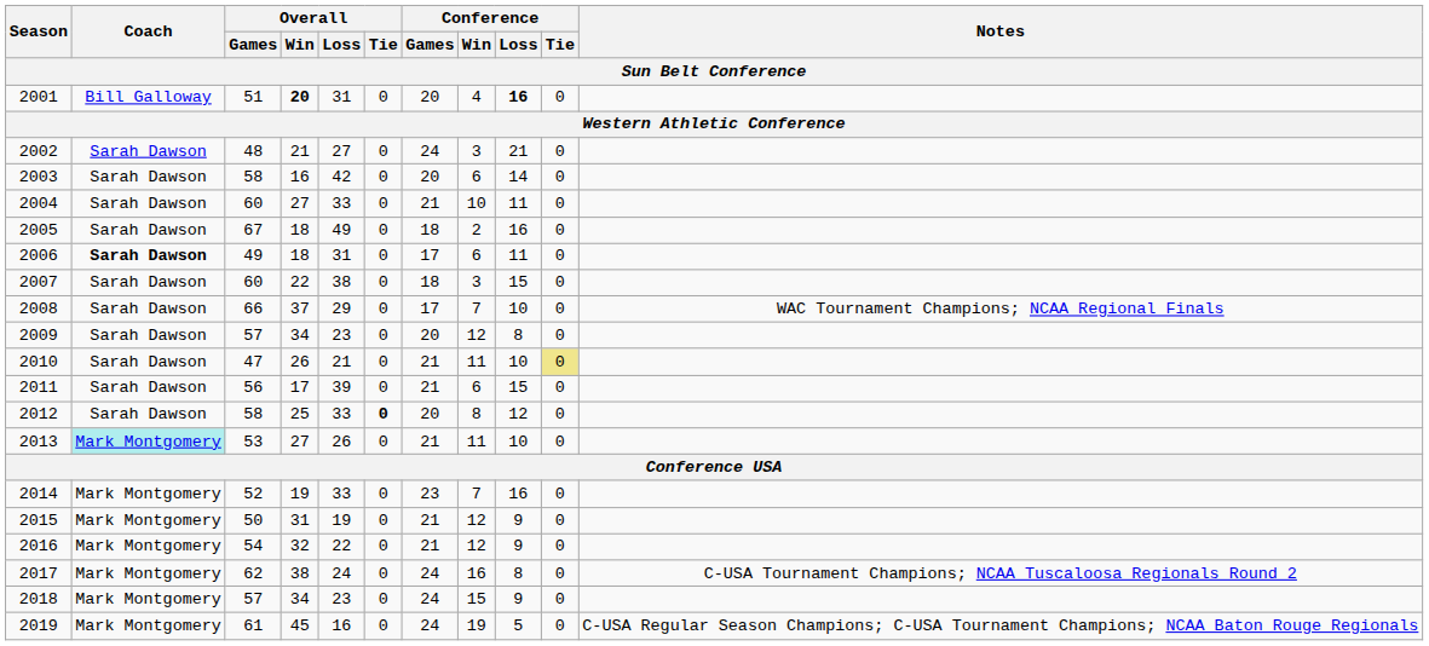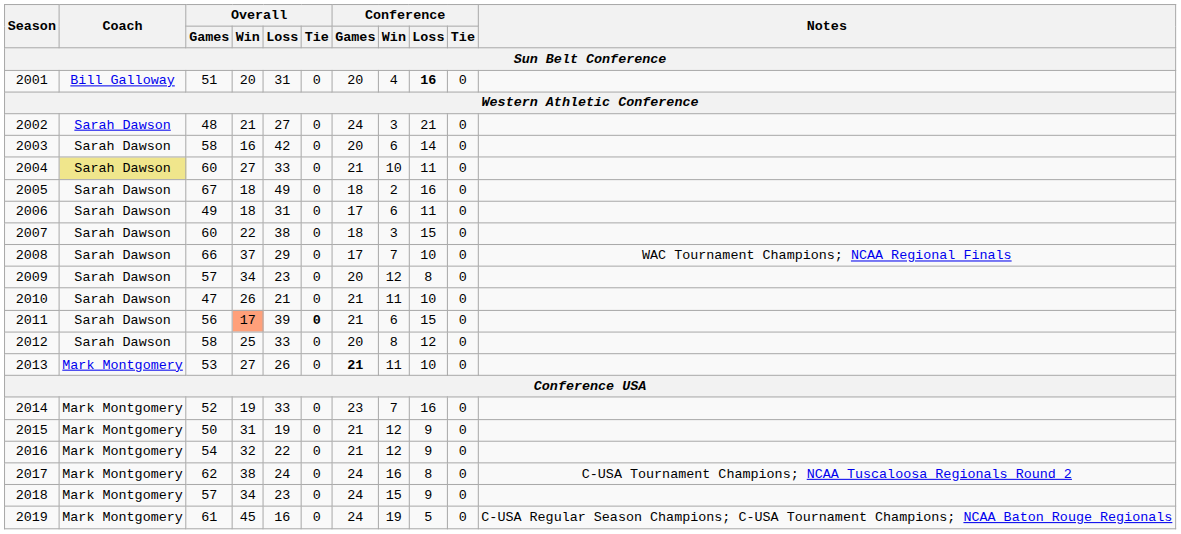 <table class="wikitable" style="text-align: center;">
 <tr>
 <th rowspan=2>Season</th>
 <th rowspan=2>Coach</th>
 <th colspan="4">Overall</th>
 <th colspan="4">Conference</th>
 <th rowspan=2>Notes</th>
 </tr>
 <tr>
 <th>Games</th>
 <th>Win</th>
 <th>Loss</th>
 <th>Tie</th>
 <th>Games</th>
 <th>Win</th>
 <th>Loss</th>
 <th>Tie</th>
 </tr>
 <tr>
 <th colspan="11"><em>Sun Belt Conference</em></th>
 </tr>
 <tr>
 <td>2001</td>
 <td><a href='#'>Bill Galloway</a></td>
 <td>51</td>
-<td><strong>20</strong></td>
+<td>20</td>
 <td>31</td>
 <td>0</td>
 <td>20</td>
 <td>4</td>
 <td><strong>16</strong></td>
 <td>0</td>
 <td></td>
 </tr>
 <tr>
 <th colspan="11"><em>Western Athletic Conference</em></th>
 </tr>
 <tr>
 <td>2002</td>
 <td><a href='#'>Sarah Dawson</a></td>
 <td>48</td>
 <td>21</td>
 <td>27</td>
 <td>0</td>
 <td>24</td>
 <td>3</td>
 <td>21</td>
 <td>0</td>
 <td></td>
 </tr>
 <tr>
 <td>2003</td>
 <td>Sarah Dawson</td>
 <td>58</td>
 <td>16</td>
 <td>42</td>
 <td>0</td>
 <td>20</td>
 <td>6</td>
 <td>14</td>
 <td>0</td>
 <td></td>
 </tr>
 <tr>
 <td>2004</td>
-<td>Sarah Dawson</td>
+<td style="background: khaki;">Sarah Dawson</td>
 <td>60</td>
 <td>27</td>
 <td>33</td>
 <td>0</td>
 <td>21</td>
 <td>10</td>
 <td>11</td>
 <td>0</td>
 <td></td>
 </tr>
 <tr>
 <td>2005</td>
 <td>Sarah Dawson</td>
 <td>67</td>
 <td>18</td>
 <td>49</td>
 <td>0</td>
 <td>18</td>
 <td>2</td>
 <td>16</td>
 <td>0</td>
 <td></td>
 </tr>
 <tr>
 <td>2006</td>
-<td><strong>Sarah Dawson</strong></td>
+<td>Sarah Dawson</td>
 <td>49</td>
 <td>18</td>
 <td>31</td>
 <td>0</td>
 <td>17</td>
 <td>6</td>
 <td>11</td>
 <td>0</td>
 <td></td>
 </tr>
 <tr>
 <td>2007</td>
 <td>Sarah Dawson</td>
 <td>60</td>
 <td>22</td>
 <td>38</td>
 <td>0</td>
 <td>18</td>
 <td>3</td>
 <td>15</td>
 <td>0</td>
 <td></td>
 </tr>
 <tr>
 <td>2008</td>
 <td>Sarah Dawson</td>
 <td>66</td>
 <td>37</td>
 <td>29</td>
 <td>0</td>
 <td>17</td>
 <td>7</td>
 <td>10</td>
 <td>0</td>
 <td>WAC Tournament Champions; <a href='#'>NCAA Regional Finals</a></td>
 </tr>
 <tr>
 <td>2009</td>
 <td>Sarah Dawson</td>
 <td>57</td>
 <td>34</td>
 <td>23</td>
 <td>0</td>
 <td>20</td>
 <td>12</td>
 <td>8</td>
 <td>0</td>
 <td></td>
 </tr>
 <tr>
 <td>2010</td>
 <td>Sarah Dawson</td>
 <td>47</td>
 <td>26</td>
 <td>21</td>
 <td>0</td>
 <td>21</td>
 <td>11</td>
 <td>10</td>
-<td style="background: khaki;">0</td>
+<td>0</td>
 <td></td>
 </tr>
 <tr>
 <td>2011</td>
 <td>Sarah Dawson</td>
 <td>56</td>
-<td>17</td>
+<td style="background: lightsalmon;">17</td>
 <td>39</td>
-<td>0</td>
+<td><strong>0</strong></td>
 <td>21</td>
 <td>6</td>
 <td>15</td>
 <td>0</td>
 <td></td>
 </tr>
 <tr>
 <td>2012</td>
 <td>Sarah Dawson</td>
 <td>58</td>
 <td>25</td>
 <td>33</td>
-<td><strong>0</strong></td>
+<td>0</td>
 <td>20</td>
 <td>8</td>
 <td>12</td>
 <td>0</td>
 <td></td>
 </tr>
 <tr>
 <td>2013</td>
-<td style="background: paleturquoise;"><a href='#'>Mark Montgomery</a></td>
+<td><a href='#'>Mark Montgomery</a></td>
 <td>53</td>
 <td>27</td>
 <td>26</td>
 <td>0</td>
-<td>21</td>
+<td><strong>21</strong></td>
 <td>11</td>
 <td>10</td>
 <td>0</td>
 <td></td>
 </tr>
 <tr>
 <th colspan="11"><em>Conference USA</em></th>
 </tr>
 <tr>
 <td>2014</td>
 <td>Mark Montgomery</td>
 <td>52</td>
 <td>19</td>
 <td>33</td>
 <td>0</td>
 <td>23</td>
 <td>7</td>
 <td>16</td>
 <td>0</td>
 <td></td>
 </tr>
 <tr>
 <td>2015</td>
 <td>Mark Montgomery</td>
 <td>50</td>
 <td>31</td>
 <td>19</td>
 <td>0</td>
 <td>21</td>
 <td>12</td>
 <td>9</td>
 <td>0</td>
 <td></td>
 </tr>
 <tr>
 <td>2016</td>
 <td>Mark Montgomery</td>
 <td>54</td>
 <td>32</td>
 <td>22</td>
 <td>0</td>
 <td>21</td>
 <td>12</td>
 <td>9</td>
 <td>0</td>
 <td></td>
 </tr>
 <tr>
 <td>2017</td>
 <td>Mark Montgomery</td>
 <td>62</td>
 <td>38</td>
 <td>24</td>
 <td>0</td>
 <td>24</td>
 <td>16</td>
 <td>8</td>
 <td>0</td>
 <td>C-USA Tournament Champions; <a href='#'>NCAA Tuscaloosa Regionals Round 2</a></td>
 </tr>
 <tr>
 <td>2018</td>
 <td>Mark Montgomery</td>
 <td>57</td>
 <td>34</td>
 <td>23</td>
 <td>0</td>
 <td>24</td>
 <td>15</td>
 <td>9</td>
 <td>0</td>
 <td></td>
 </tr>
 <tr>
 <td>2019</td>
 <td>Mark Montgomery</td>
 <td>61</td>
 <td>45</td>
 <td>16</td>
 <td>0</td>
 <td>24</td>
 <td>19</td>
 <td>5</td>
 <td>0</td>
 <td>C-USA Regular Season Champions; C-USA Tournament Champions; <a href='#'>NCAA Baton Rouge Regionals</a></td>
 </tr>
 </table>
